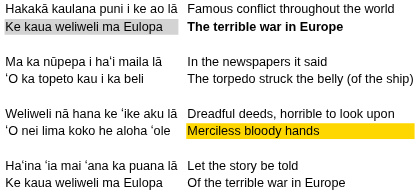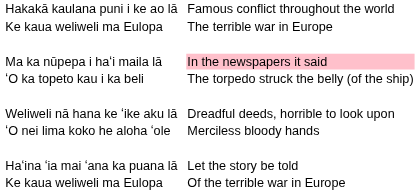 <table>
 <tr>
 <td>Hakakā kaulana puni i ke ao lā</td>
 <td rowspan=99> </td>
 <td>Famous conflict throughout the world</td>
 </tr>
 <tr>
-<td style="background: lightgrey;">Ke kaua weliweli ma Eulopa</td>
-<td><strong>The terrible war in Europe</strong></td>
+<td>Ke kaua weliweli ma Eulopa</td>
+<td>The terrible war in Europe</td>
 </tr>
 <tr>
 <td> </td>
 <td> </td>
 </tr>
 <tr>
 <td>Ma ka nūpepa i haʻi maila lā</td>
-<td>In the newspapers it said</td>
+<td style="background: pink;">In the newspapers it said</td>
 </tr>
 <tr>
 <td>ʻO ka topeto kau i ka beli</td>
 <td>The torpedo struck the belly (of the ship)</td>
 </tr>
 <tr>
 <td> </td>
 <td> </td>
 </tr>
 <tr>
 <td>Weliweli nā hana ke ʻike aku lā</td>
 <td>Dreadful deeds, horrible to look upon</td>
 </tr>
 <tr>
 <td>ʻO nei lima koko he aloha ʻole</td>
-<td style="background: gold;">Merciless bloody hands</td>
+<td>Merciless bloody hands</td>
 </tr>
 <tr>
 <td> </td>
 <td> </td>
 </tr>
 <tr>
 <td>Haʻina ʻia mai ʻana ka puana lā</td>
 <td>Let the story be told</td>
 </tr>
 <tr>
 <td>Ke kaua weliweli ma Eulopa</td>
 <td>Of the terrible war in Europe</td>
 </tr>
 </table>
